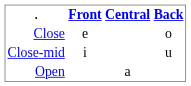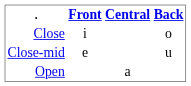 <table border="0" cellspacing="0" cellpadding="2" style="text-align: center;font-family: Arial Unicode MS, Lucida Sans Unicode; border:1px solid grey; display:block; float:right; margin:10px">
 <tr>
 <th><small>.</small></th>
 <th><a href='#'>Front</a></th>
 <th><a href='#'>Central</a></th>
 <th><a href='#'>Back</a></th>
 </tr>
 <tr>
 <td style="text-align: right;"><a href='#'>Close</a></td>
-<td>e</td>
+<td>i</td>
 <td></td>
 <td>o</td>
 </tr>
 <tr>
 <td style="text-align: right;"><a href='#'>Close-mid</a></td>
-<td>i</td>
+<td>e</td>
 <td></td>
 <td>u</td>
 </tr>
 <tr>
 <td style="text-align: right;"><a href='#'>Open</a></td>
 <td></td>
 <td>a</td>
 <td></td>
 </tr>
 </table>
